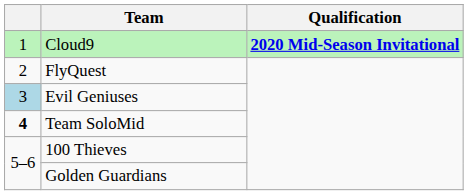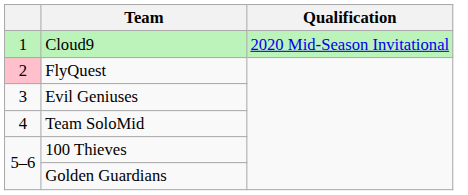 <table class="wikitable" style="text-align:center">
 <tr>
 <th width=28></th>
 <th width=190>Team</th>
 <th>Qualification</th>
 </tr>
 <tr style="background-color:#BBF3BB;">
 <td>1</td>
 <td style="text-align:left">Cloud9</td>
-<td><strong><a href='#'>2020 Mid-Season Invitational</a></strong></td>
+<td><a href='#'>2020 Mid-Season Invitational</a></td>
 </tr>
 <tr>
-<td>2</td>
+<td style="background: pink;">2</td>
 <td style="text-align:left">FlyQuest</td>
 <td rowspan="5"></td>
 </tr>
 <tr>
-<td style="background: lightblue;">3</td>
+<td>3</td>
 <td style="text-align:left">Evil Geniuses</td>
 </tr>
 <tr>
-<td><strong>4</strong></td>
+<td>4</td>
 <td style="text-align:left">Team SoloMid</td>
 </tr>
 <tr>
 <td rowspan="2">5–6</td>
 <td style="text-align:left">100 Thieves</td>
 </tr>
 <tr>
 <td style="text-align:left">Golden Guardians</td>
 </tr>
 </table>
